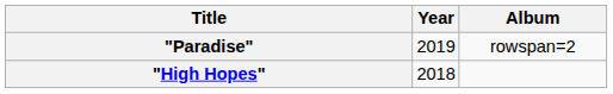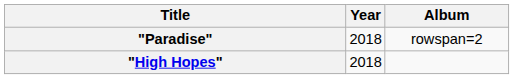 <table class="wikitable plainrowheaders" style="text-align:center;">
 <tr>
 <th style="width:23em;">Title</th>
 <th style="width:2em;">Year</th>
 <th style="width:8em;">Album</th>
 </tr>
 <tr>
 <th scope="row">"Paradise" <br> </th>
-<td>2019</td>
+<td>2018</td>
 <td>rowspan=2 </td>
 </tr>
 <tr>
 <th scope="row">"<a href='#'>High Hopes</a>"<br> </th>
 <td>2018</td>
 </tr>
 </table>
